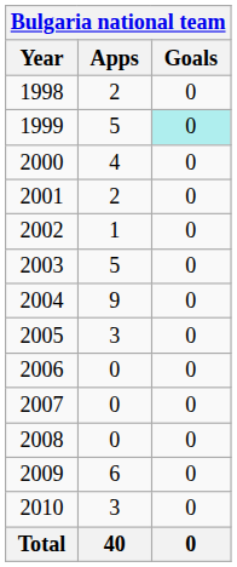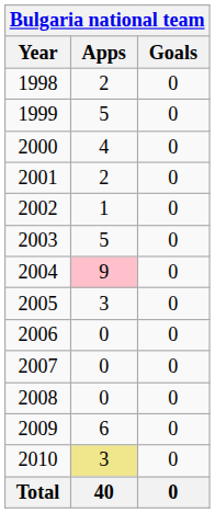 <table class="wikitable" style="text-align:center">
 <tr>
 <th colspan=3><a href='#'>Bulgaria national team</a></th>
 </tr>
 <tr>
 <th>Year</th>
 <th>Apps</th>
 <th>Goals</th>
 </tr>
 <tr>
 <td>1998</td>
 <td>2</td>
 <td>0</td>
 </tr>
 <tr>
 <td>1999</td>
 <td>5</td>
-<td style="background: paleturquoise;">0</td>
+<td>0</td>
 </tr>
 <tr>
 <td>2000</td>
 <td>4</td>
 <td>0</td>
 </tr>
 <tr>
 <td>2001</td>
 <td>2</td>
 <td>0</td>
 </tr>
 <tr>
 <td>2002</td>
 <td>1</td>
 <td>0</td>
 </tr>
 <tr>
 <td>2003</td>
 <td>5</td>
 <td>0</td>
 </tr>
 <tr>
 <td>2004</td>
-<td>9</td>
+<td style="background: pink;">9</td>
 <td>0</td>
 </tr>
 <tr>
 <td>2005</td>
 <td>3</td>
 <td>0</td>
 </tr>
 <tr>
 <td>2006</td>
 <td>0</td>
 <td>0</td>
 </tr>
 <tr>
 <td>2007</td>
 <td>0</td>
 <td>0</td>
 </tr>
 <tr>
 <td>2008</td>
 <td>0</td>
 <td>0</td>
 </tr>
 <tr>
 <td>2009</td>
 <td>6</td>
 <td>0</td>
 </tr>
 <tr>
 <td>2010</td>
-<td>3</td>
+<td style="background: khaki;">3</td>
 <td>0</td>
 </tr>
 <tr>
 <th>Total</th>
 <th>40</th>
 <th>0</th>
 </tr>
 </table>
